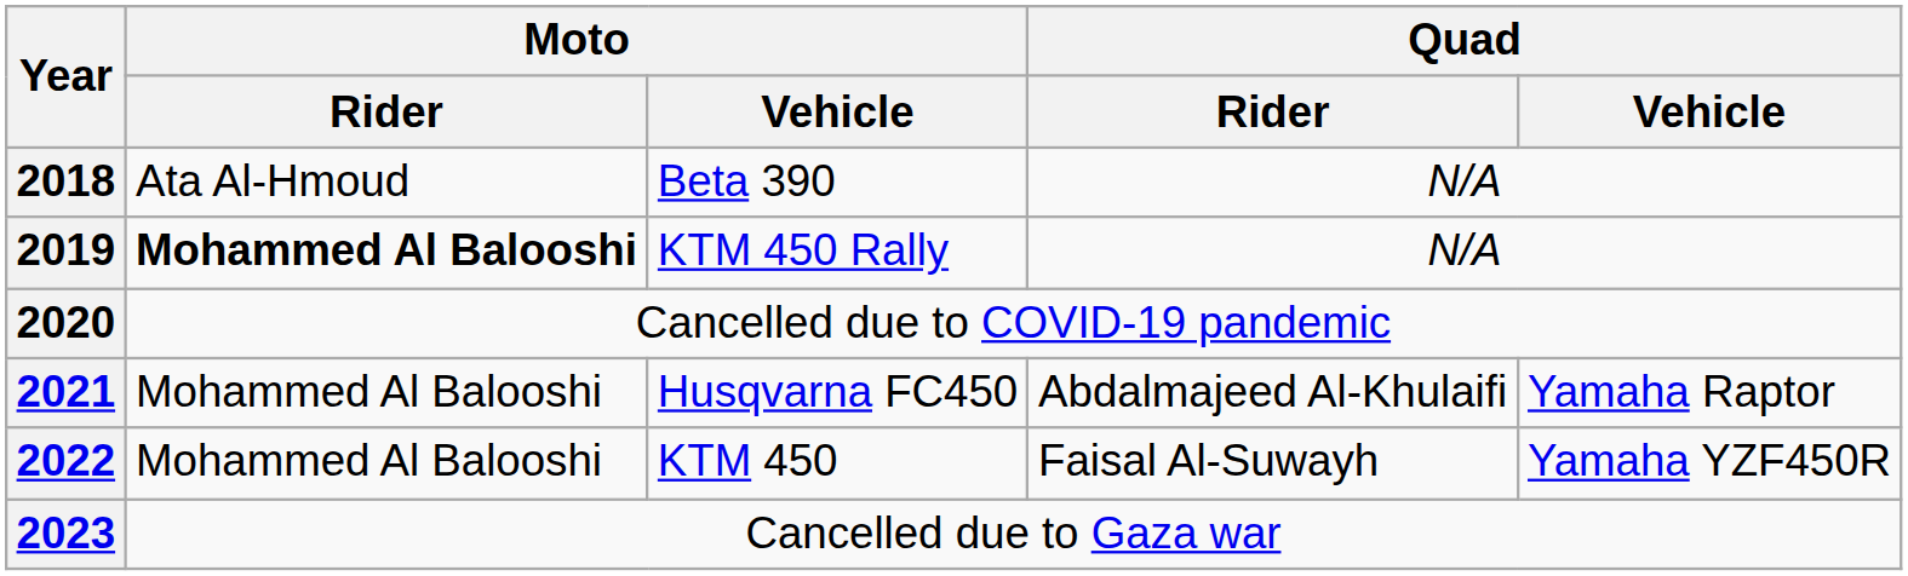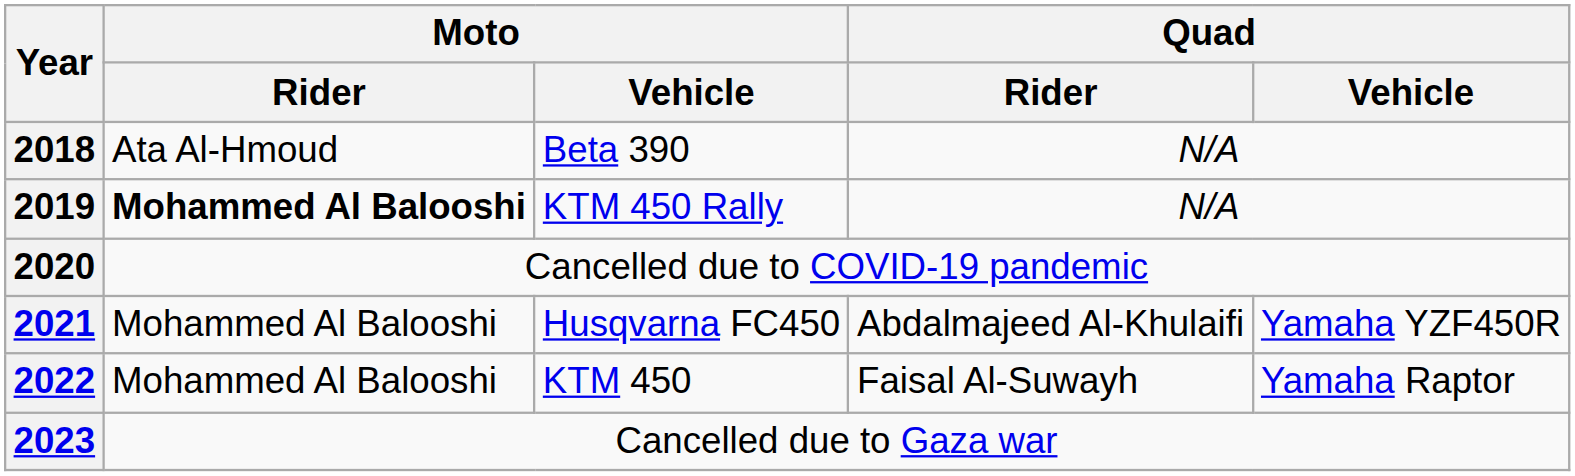 <table class="wikitable">
 <tr>
 <th rowspan="2">Year</th>
 <th colspan="2">Moto</th>
 <th colspan="2">Quad</th>
 </tr>
 <tr>
 <th>Rider</th>
 <th>Vehicle</th>
 <th>Rider</th>
 <th>Vehicle</th>
 </tr>
 <tr>
 <th>2018</th>
 <td> Ata Al-Hmoud</td>
 <td><a href='#'>Beta</a> 390</td>
 <td colspan="2" align="center"><em>N/A</em></td>
 </tr>
 <tr>
 <th>2019</th>
 <td><strong> Mohammed Al Balooshi</strong></td>
 <td><a href='#'>KTM 450 Rally</a></td>
 <td colspan="2" align="center"><em>N/A</em></td>
 </tr>
 <tr>
 <th>2020</th>
 <td colspan="4" align=center>Cancelled due to <a href='#'>COVID-19 pandemic</a></td>
 </tr>
 <tr>
 <th><a href='#'>2021</a></th>
 <td> Mohammed Al Balooshi</td>
 <td><a href='#'>Husqvarna</a> FC450</td>
 <td> Abdalmajeed Al-Khulaifi</td>
-<td><a href='#'>Yamaha</a> Raptor</td>
+<td><a href='#'>Yamaha</a> YZF450R</td>
 </tr>
 <tr>
 <th><a href='#'>2022</a></th>
 <td> Mohammed Al Balooshi</td>
 <td><a href='#'>KTM</a> 450</td>
 <td> Faisal Al-Suwayh</td>
-<td><a href='#'>Yamaha</a> YZF450R</td>
+<td><a href='#'>Yamaha</a> Raptor</td>
 </tr>
 <tr>
 <th><a href='#'>2023</a></th>
 <td colspan="4" align=center>Cancelled due to <a href='#'>Gaza war</a></td>
 </tr>
 </table>
